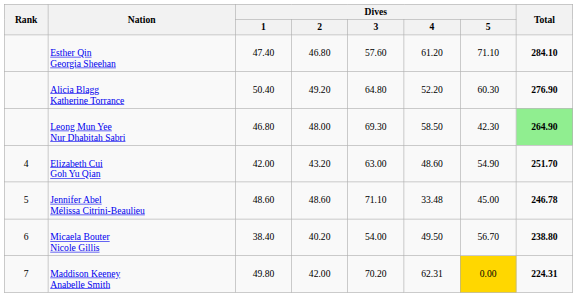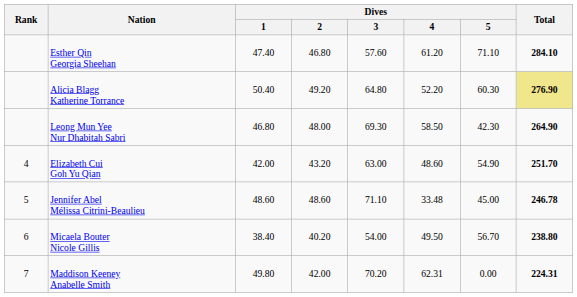 <table class="wikitable" width="75%">
 <tr>
 <th rowspan="2" width="7%">Rank</th>
 <th rowspan="2" width="30%">Nation</th>
 <th colspan="5">Dives</th>
 <th rowspan="2" width="9%">Total</th>
 </tr>
 <tr>
 <th width="9%">1</th>
 <th width="9%">2</th>
 <th width="9%">3</th>
 <th width="9%">4</th>
 <th width="9%">5</th>
 </tr>
 <tr>
 <td align="center"></td>
 <td><br><a href='#'>Esther Qin</a><br><a href='#'>Georgia Sheehan</a></td>
 <td align="center">47.40</td>
 <td align="center">46.80</td>
 <td align="center">57.60</td>
 <td align="center">61.20</td>
 <td align="center">71.10</td>
 <td align="center"><strong>284.10</strong></td>
 </tr>
 <tr>
 <td align="center"></td>
 <td><br><a href='#'>Alicia Blagg</a><br><a href='#'>Katherine Torrance</a></td>
 <td align="center">50.40</td>
 <td align="center">49.20</td>
 <td align="center">64.80</td>
 <td align="center">52.20</td>
 <td align="center">60.30</td>
-<td align="center"><strong>276.90</strong></td>
+<td align="center" style="background: khaki;"><strong>276.90</strong></td>
 </tr>
 <tr>
 <td align="center"></td>
 <td><br><a href='#'>Leong Mun Yee</a><br><a href='#'>Nur Dhabitah Sabri</a></td>
 <td align="center">46.80</td>
 <td align="center">48.00</td>
 <td align="center">69.30</td>
 <td align="center">58.50</td>
 <td align="center">42.30</td>
-<td align="center" style="background: lightgreen;"><strong>264.90</strong></td>
+<td align="center"><strong>264.90</strong></td>
 </tr>
 <tr>
 <td align="center">4</td>
 <td><br><a href='#'>Elizabeth Cui</a><br><a href='#'>Goh Yu Qian</a></td>
 <td align="center">42.00</td>
 <td align="center">43.20</td>
 <td align="center">63.00</td>
 <td align="center">48.60</td>
 <td align="center">54.90</td>
 <td align="center"><strong>251.70</strong></td>
 </tr>
 <tr>
 <td align="center">5</td>
 <td><br><a href='#'>Jennifer Abel</a><br><a href='#'>Mélissa Citrini-Beaulieu</a></td>
 <td align="center">48.60</td>
 <td align="center">48.60</td>
 <td align="center">71.10</td>
 <td align="center">33.48</td>
 <td align="center">45.00</td>
 <td align="center"><strong>246.78</strong></td>
 </tr>
 <tr>
 <td align="center">6</td>
 <td><br><a href='#'>Micaela Bouter</a><br><a href='#'>Nicole Gillis</a></td>
 <td align="center">38.40</td>
 <td align="center">40.20</td>
 <td align="center">54.00</td>
 <td align="center">49.50</td>
 <td align="center">56.70</td>
 <td align="center"><strong>238.80</strong></td>
 </tr>
 <tr>
 <td align="center">7</td>
 <td><br><a href='#'>Maddison Keeney</a><br><a href='#'>Anabelle Smith</a></td>
 <td align="center">49.80</td>
 <td align="center">42.00</td>
 <td align="center">70.20</td>
 <td align="center">62.31</td>
-<td align="center" style="background: gold;">0.00</td>
+<td align="center">0.00</td>
 <td align="center"><strong>224.31</strong></td>
 </tr>
 </table>
